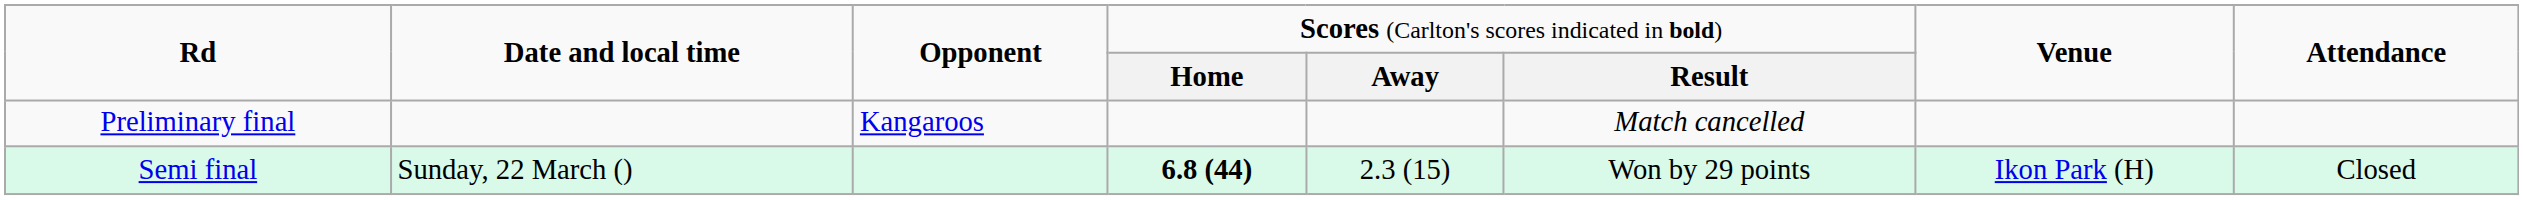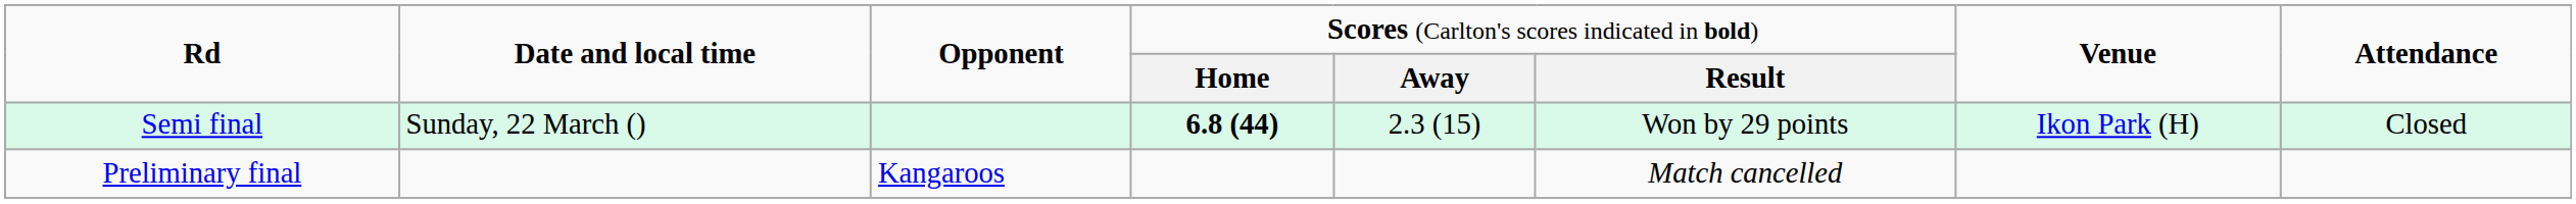 <table class="wikitable" style="font-size:90%; text-align:center; width: 100%; margin-left: auto; margin-right: auto;">
 <tr>
 <td rowspan=2><strong>Rd</strong></td>
 <td rowspan=2><strong>Date and local time</strong></td>
 <td rowspan=2><strong>Opponent</strong></td>
 <td colspan=3><strong>Scores</strong> <small>(Carlton's scores indicated in <strong>bold</strong>)</small></td>
 <td rowspan=2><strong>Venue</strong></td>
 <td rowspan=2><strong>Attendance</strong></td>
 </tr>
 <tr>
 <th>Home</th>
 <th>Away</th>
 <th>Result</th>
 </tr>
+<tr style="background:#d9f9e9;">
+<td><a href='#'>Semi final</a></td>
+<td align=left>Sunday, 22 March ()</td>
+<td align=left></td>
+<td><strong>6.8 (44)</strong></td>
+<td>2.3 (15)</td>
+<td>Won by 29 points</td>
+<td><a href='#'>Ikon Park</a> (H)</td>
+<td>Closed</td>
+</tr>
 <tr>
 <td><a href='#'>Preliminary final</a></td>
 <td align=left></td>
 <td align=left><a href='#'>Kangaroos</a></td>
 <td></td>
 <td></td>
 <td><em>Match cancelled</em></td>
 <td></td>
 <td></td>
 </tr>
-<tr style="background:#d9f9e9;">
-<td><a href='#'>Semi final</a></td>
-<td align=left>Sunday, 22 March ()</td>
-<td align=left></td>
-<td><strong>6.8 (44)</strong></td>
-<td>2.3 (15)</td>
-<td>Won by 29 points</td>
-<td><a href='#'>Ikon Park</a> (H)</td>
-<td>Closed</td>
-</tr>
 </table>
